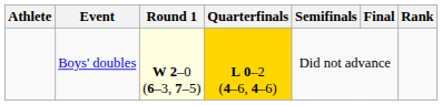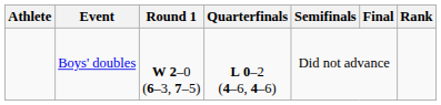 <table class=wikitable style="font-size:90%">
 <tr>
 <th>Athlete</th>
 <th>Event</th>
 <th>Round 1</th>
 <th>Quarterfinals</th>
 <th>Semifinals</th>
 <th>Final</th>
 <th>Rank</th>
 </tr>
 <tr>
 <td> <br></td>
 <td><a href='#'>Boys' doubles</a></td>
-<td align=center style="background: lightyellow;"><br><br><strong>W</strong> <strong>2</strong>–0<br> (<strong>6</strong>–3, <strong>7</strong>–5)</td>
-<td align=center style="background: gold;"><br><br><strong>L</strong> <strong>0</strong>–2<br> (<strong>4</strong>–6, <strong>4</strong>–6)</td>
+<td align=center><br><br><strong>W</strong> <strong>2</strong>–0<br> (<strong>6</strong>–3, <strong>7</strong>–5)</td>
+<td align=center><br><br><strong>L</strong> <strong>0</strong>–2<br> (<strong>4</strong>–6, <strong>4</strong>–6)</td>
 <td colspan=2 align=center>Did not advance</td>
 <td align=center></td>
 </tr>
 </table>
